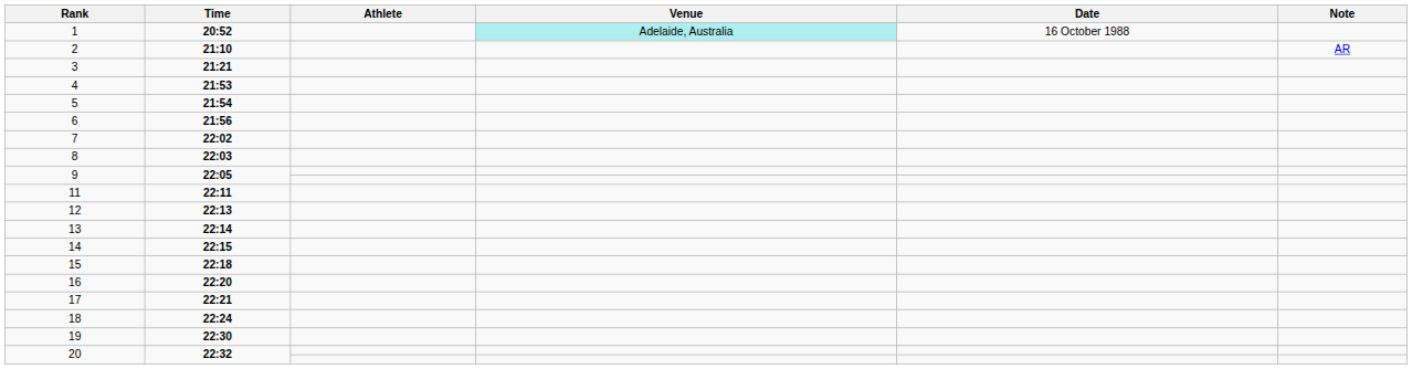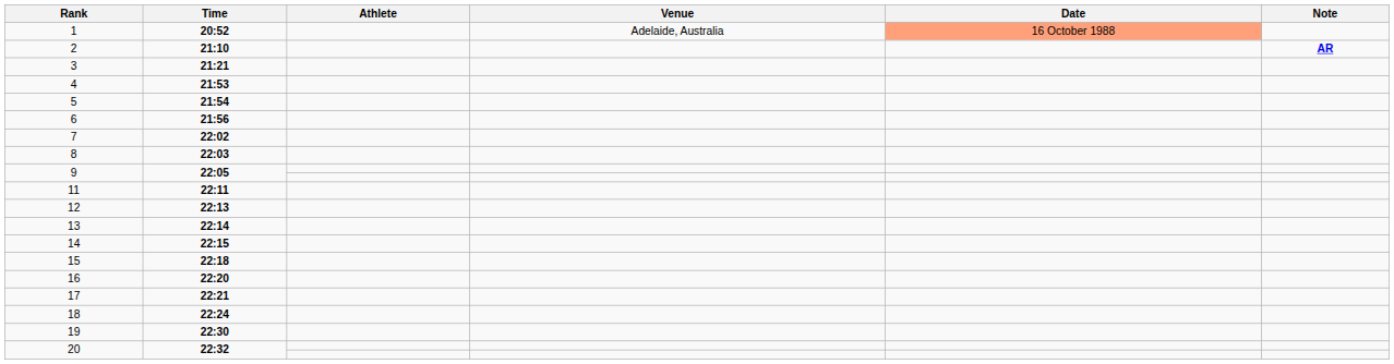 <table class="wikitable" style="text-align:center;width:100%">
 <tr>
 <th>Rank</th>
 <th>Time</th>
 <th>Athlete</th>
 <th>Venue</th>
 <th>Date</th>
 <th>Note</th>
 </tr>
 <tr>
 <td>1</td>
 <td><strong>20:52</strong></td>
 <td align=left></td>
-<td style="background: paleturquoise;">Adelaide, Australia</td>
-<td>16 October 1988</td>
+<td>Adelaide, Australia</td>
+<td style="background: lightsalmon;">16 October 1988</td>
 <td></td>
 </tr>
 <tr>
 <td>2</td>
 <td><strong>21:10</strong></td>
 <td align=left></td>
 <td></td>
 <td></td>
-<td><a href='#'>AR</a></td>
+<td><strong><a href='#'>AR</a></strong></td>
 </tr>
 <tr>
 <td>3</td>
 <td><strong>21:21</strong></td>
 <td align=left></td>
 <td></td>
 <td></td>
 <td></td>
 </tr>
 <tr>
 <td>4</td>
 <td><strong>21:53</strong></td>
 <td align=left></td>
 <td></td>
 <td></td>
 <td></td>
 </tr>
 <tr>
 <td>5</td>
 <td><strong>21:54</strong></td>
 <td align=left></td>
 <td></td>
 <td></td>
 <td></td>
 </tr>
 <tr>
 <td>6</td>
 <td><strong>21:56</strong></td>
 <td align=left></td>
 <td></td>
 <td></td>
 <td></td>
 </tr>
 <tr>
 <td>7</td>
 <td><strong>22:02</strong></td>
 <td align=left></td>
 <td></td>
 <td></td>
 <td></td>
 </tr>
 <tr>
 <td>8</td>
 <td><strong>22:03</strong></td>
 <td align=left></td>
 <td></td>
 <td></td>
 <td></td>
 </tr>
 <tr>
 <td rowspan=2>9</td>
 <td rowspan=2><strong>22:05</strong></td>
 <td align=left></td>
 <td></td>
 <td></td>
 <td></td>
 </tr>
 <tr>
 <td align=left></td>
 <td></td>
 <td></td>
 <td></td>
 </tr>
 <tr>
 <td>11</td>
 <td><strong>22:11</strong></td>
 <td align=left></td>
 <td></td>
 <td></td>
 <td></td>
 </tr>
 <tr>
 <td>12</td>
 <td><strong>22:13</strong></td>
 <td align=left></td>
 <td></td>
 <td></td>
 <td></td>
 </tr>
 <tr>
 <td>13</td>
 <td><strong>22:14</strong></td>
 <td align=left></td>
 <td></td>
 <td></td>
 <td></td>
 </tr>
 <tr>
 <td>14</td>
 <td><strong>22:15</strong></td>
 <td align=left></td>
 <td></td>
 <td></td>
 <td></td>
 </tr>
 <tr>
 <td>15</td>
 <td><strong>22:18</strong></td>
 <td align=left></td>
 <td></td>
 <td></td>
 <td></td>
 </tr>
 <tr>
 <td>16</td>
 <td><strong>22:20</strong></td>
 <td align=left></td>
 <td></td>
 <td></td>
 <td></td>
 </tr>
 <tr>
 <td>17</td>
 <td><strong>22:21</strong></td>
 <td align=left></td>
 <td></td>
 <td></td>
 <td></td>
 </tr>
 <tr>
 <td>18</td>
 <td><strong>22:24</strong></td>
 <td align=left></td>
 <td></td>
 <td></td>
 <td></td>
 </tr>
 <tr>
 <td>19</td>
 <td><strong>22:30</strong></td>
 <td align=left></td>
 <td></td>
 <td></td>
 <td></td>
 </tr>
 <tr>
 <td rowspan=2>20</td>
 <td rowspan=2><strong>22:32</strong></td>
 <td align=left></td>
 <td></td>
 <td></td>
 <td></td>
 </tr>
 <tr>
 <td align=left></td>
 <td></td>
 <td></td>
 <td></td>
 </tr>
 </table>
